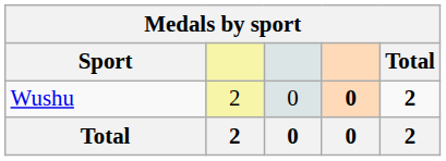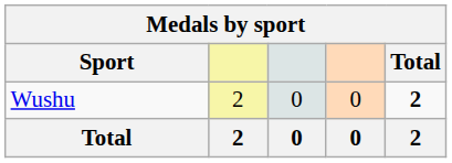 <table class="wikitable" style="font-size:90%; text-align:center;">
 <tr>
 <th colspan=5>Medals by sport</th>
 </tr>
 <tr>
 <th width=120>Sport</th>
 <th scope="col" width=30 style="background:#F7F6A8;"></th>
 <th scope="col" width=30 style="background:#DCE5E5;"></th>
 <th scope="col" width=30 style="background:#FFDAB9;"></th>
 <th width=30>Total</th>
 </tr>
 <tr>
 <td align=left><a href='#'>Wushu</a></td>
 <td style="background:#F7F6A8;">2</td>
 <td style="background:#DCE5E5;">0</td>
-<td style="background:#FFDAB9;"><strong>0</strong></td>
+<td style="background:#FFDAB9;">0</td>
 <td><strong>2</strong></td>
 </tr>
 <tr class="sortbottom">
 <th>Total</th>
 <th>2</th>
 <th>0</th>
 <th>0</th>
 <th>2</th>
 </tr>
 </table>
